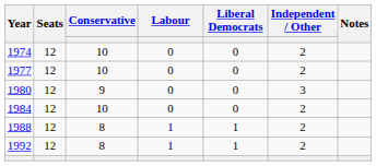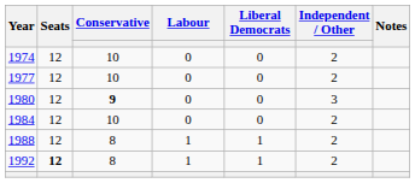 <table class="wikitable" style=text-align:center>
 <tr>
 <th rowspan=2><strong>Year</strong></th>
 <th rowspan=2><strong>Seats</strong></th>
 <th width="80"><strong><a href='#'>Conservative</a></strong></th>
 <th width="80"><a href='#'><strong>Labour</strong></a></th>
 <th width="80"><a href='#'><strong>Liberal Democrats</strong></a></th>
 <th width="80"><a href='#'><strong>Independent / Other</strong></a></th>
 <th rowspan=2><strong>Notes</strong></th>
 </tr>
 <tr>
 <th style="background-color: "></th>
 <th style="background-color: "></th>
 <th style="background-color: "></th>
 <th style="background-color: "></th>
 </tr>
 <tr>
 <td><a href='#'>1974</a></td>
 <td>12</td>
 <td>10</td>
 <td>0</td>
 <td>0</td>
 <td>2</td>
 <td align=left></td>
 </tr>
 <tr>
 <td><a href='#'>1977</a></td>
 <td>12</td>
 <td>10</td>
 <td>0</td>
 <td>0</td>
 <td>2</td>
 <td align=left></td>
 </tr>
 <tr>
 <td><a href='#'>1980</a></td>
 <td>12</td>
-<td>9</td>
+<td><strong>9</strong></td>
 <td>0</td>
 <td>0</td>
 <td>3</td>
 <td align=left></td>
 </tr>
 <tr>
 <td><a href='#'>1984</a></td>
 <td>12</td>
 <td>10</td>
 <td>0</td>
 <td>0</td>
 <td>2</td>
 <td align=left></td>
 </tr>
 <tr>
 <td><a href='#'>1988</a></td>
 <td>12</td>
 <td>8</td>
 <td>1</td>
 <td>1</td>
 <td>2</td>
 <td align=left></td>
 </tr>
 <tr>
 <td><a href='#'>1992</a></td>
-<td>12</td>
+<td><strong>12</strong></td>
 <td>8</td>
 <td>1</td>
 <td>1</td>
 <td>2</td>
 <td align=left></td>
 </tr>
 <tr>
 <th></th>
 <th></th>
 <th style="background-color: "></th>
 <th style="background-color: "></th>
 <th style="background-color: "></th>
 <th style="background-color: "></th>
 <th></th>
 </tr>
 </table>
